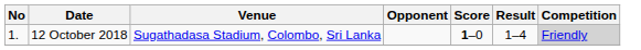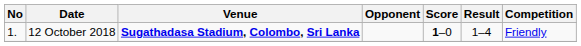 <table class="wikitable" style="font-size:85%;">
 <tr>
 <th>No</th>
 <th>Date</th>
 <th>Venue</th>
 <th>Opponent</th>
 <th>Score</th>
 <th>Result</th>
 <th>Competition</th>
 </tr>
 <tr>
 <td>1.</td>
 <td>12 October 2018</td>
-<td><a href='#'>Sugathadasa Stadium</a>, <a href='#'>Colombo</a>, <a href='#'>Sri Lanka</a></td>
+<td><strong><a href='#'>Sugathadasa Stadium</a>, <a href='#'>Colombo</a>, <a href='#'>Sri Lanka</a></strong></td>
 <td></td>
 <td align=center><strong>1</strong>–0</td>
 <td align=center>1–4</td>
-<td style="background: lightgrey;"><a href='#'>Friendly</a></td>
+<td><a href='#'>Friendly</a></td>
 </tr>
 <tr>
 </tr>
 </table>
